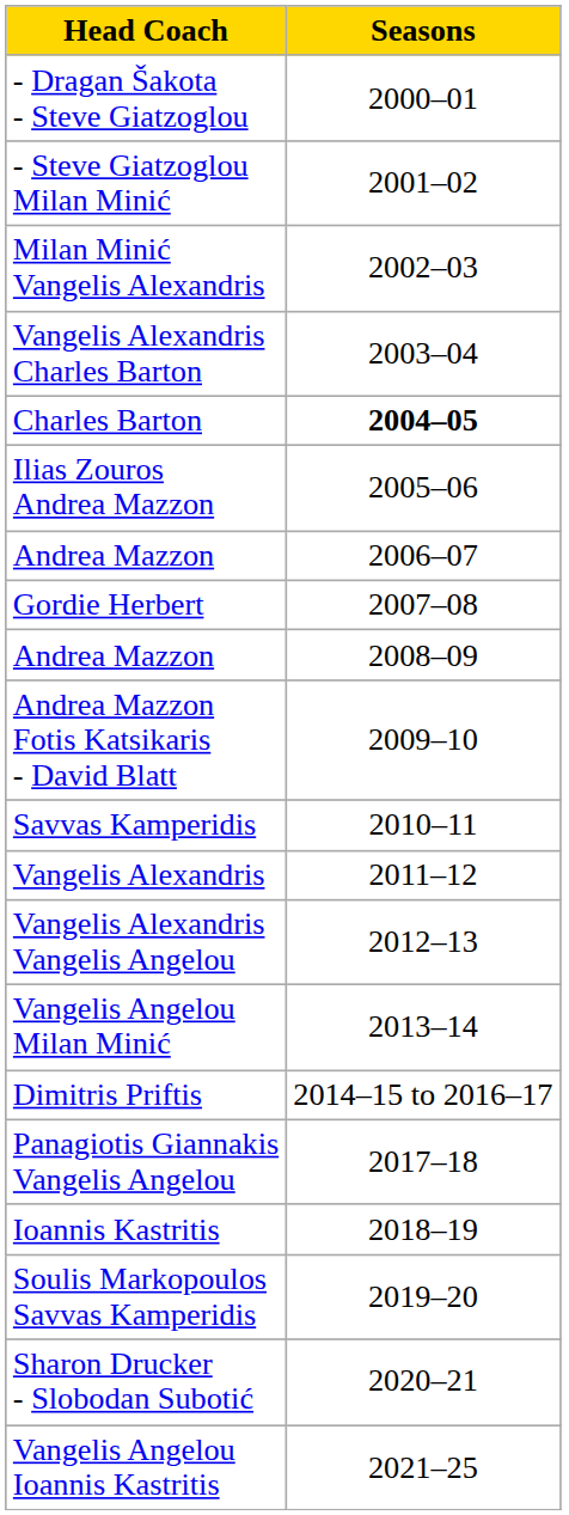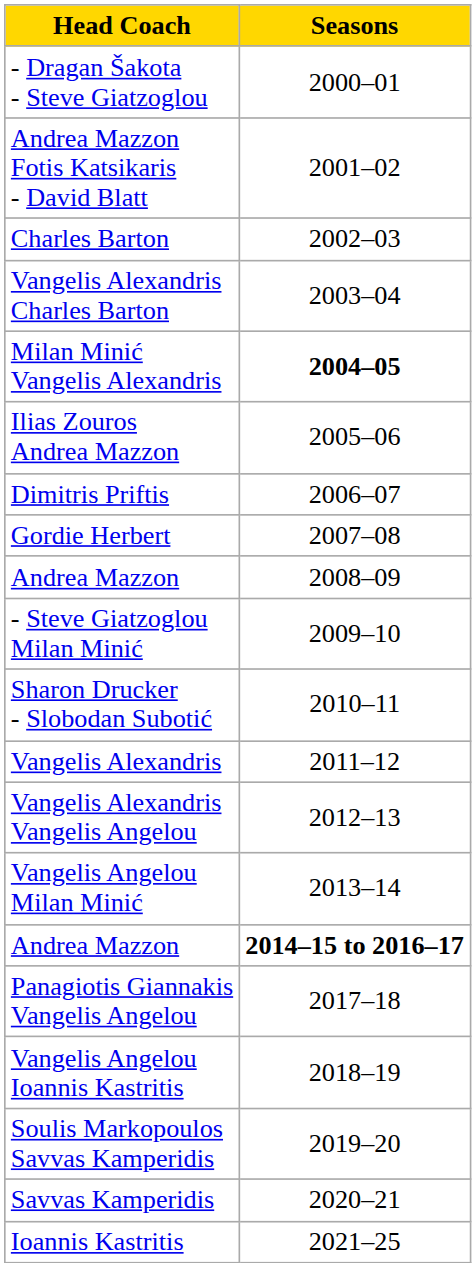 <table class="wikitable" style="text-align: center; background:white; color:black">
 <tr>
 <th style="color:black; background:#FFD700;">Head Coach</th>
 <th style="color:black; background:#FFD700;">Seasons</th>
 </tr>
 <tr>
 <td align=left>- <a href='#'>Dragan Šakota</a><br>- <a href='#'>Steve Giatzoglou</a></td>
 <td align=center>2000–01</td>
 </tr>
 <tr>
-<td align=left>- <a href='#'>Steve Giatzoglou</a><br> <a href='#'>Milan Minić</a></td>
+<td align=left> <a href='#'>Andrea Mazzon</a><br> <a href='#'>Fotis Katsikaris</a><br>- <a href='#'>David Blatt</a></td>
 <td align=center>2001–02</td>
 </tr>
 <tr>
-<td align=left> <a href='#'>Milan Minić</a><br> <a href='#'>Vangelis Alexandris</a></td>
+<td align=left> <a href='#'>Charles Barton</a></td>
 <td align=center>2002–03</td>
 </tr>
 <tr>
 <td align=left> <a href='#'>Vangelis Alexandris</a><br> <a href='#'>Charles Barton</a></td>
 <td align=center>2003–04</td>
 </tr>
 <tr>
-<td align=left> <a href='#'>Charles Barton</a></td>
+<td align=left> <a href='#'>Milan Minić</a><br> <a href='#'>Vangelis Alexandris</a></td>
 <td align=center><strong>2004–05</strong></td>
 </tr>
 <tr>
 <td align=left> <a href='#'>Ilias Zouros</a><br> <a href='#'>Andrea Mazzon</a></td>
 <td align=center>2005–06</td>
 </tr>
 <tr>
-<td align=left> <a href='#'>Andrea Mazzon</a></td>
+<td align=left> <a href='#'>Dimitris Priftis</a></td>
 <td align=center>2006–07</td>
 </tr>
 <tr>
 <td align=left> <a href='#'>Gordie Herbert</a></td>
 <td align=center>2007–08</td>
 </tr>
 <tr>
 <td align=left> <a href='#'>Andrea Mazzon</a></td>
 <td align=center>2008–09</td>
 </tr>
 <tr>
-<td align=left> <a href='#'>Andrea Mazzon</a><br> <a href='#'>Fotis Katsikaris</a><br>- <a href='#'>David Blatt</a></td>
+<td align=left>- <a href='#'>Steve Giatzoglou</a><br> <a href='#'>Milan Minić</a></td>
 <td align=center>2009–10</td>
 </tr>
 <tr>
-<td align=left> <a href='#'>Savvas Kamperidis</a></td>
+<td align=left> <a href='#'>Sharon Drucker</a><br>- <a href='#'>Slobodan Subotić</a></td>
 <td align=center>2010–11</td>
 </tr>
 <tr>
 <td align=left> <a href='#'>Vangelis Alexandris</a></td>
 <td align=center>2011–12</td>
 </tr>
 <tr>
 <td align=left> <a href='#'>Vangelis Alexandris</a><br> <a href='#'>Vangelis Angelou</a></td>
 <td align=center>2012–13</td>
 </tr>
 <tr>
 <td align=left> <a href='#'>Vangelis Angelou</a><br> <a href='#'>Milan Minić</a></td>
 <td align=center>2013–14</td>
 </tr>
 <tr>
-<td align=left> <a href='#'>Dimitris Priftis</a></td>
-<td align=center>2014–15 to 2016–17</td>
+<td align=left> <a href='#'>Andrea Mazzon</a></td>
+<td align=center><strong>2014–15 to 2016–17</strong></td>
 </tr>
 <tr>
 <td align=left> <a href='#'>Panagiotis Giannakis</a><br> <a href='#'>Vangelis Angelou</a></td>
 <td align=center>2017–18</td>
 </tr>
 <tr>
-<td align=left> <a href='#'>Ioannis Kastritis</a></td>
+<td align=left> <a href='#'>Vangelis Angelou</a><br> <a href='#'>Ioannis Kastritis</a></td>
 <td align=center>2018–19</td>
 </tr>
 <tr>
 <td align=left> <a href='#'>Soulis Markopoulos</a><br> <a href='#'>Savvas Kamperidis</a></td>
 <td align=center>2019–20</td>
 </tr>
 <tr>
-<td align=left> <a href='#'>Sharon Drucker</a><br>- <a href='#'>Slobodan Subotić</a></td>
+<td align=left> <a href='#'>Savvas Kamperidis</a></td>
 <td align=center>2020–21</td>
 </tr>
 <tr>
-<td align=left> <a href='#'>Vangelis Angelou</a><br> <a href='#'>Ioannis Kastritis</a></td>
+<td align=left> <a href='#'>Ioannis Kastritis</a></td>
 <td align=center>2021–25</td>
 </tr>
 </table>
